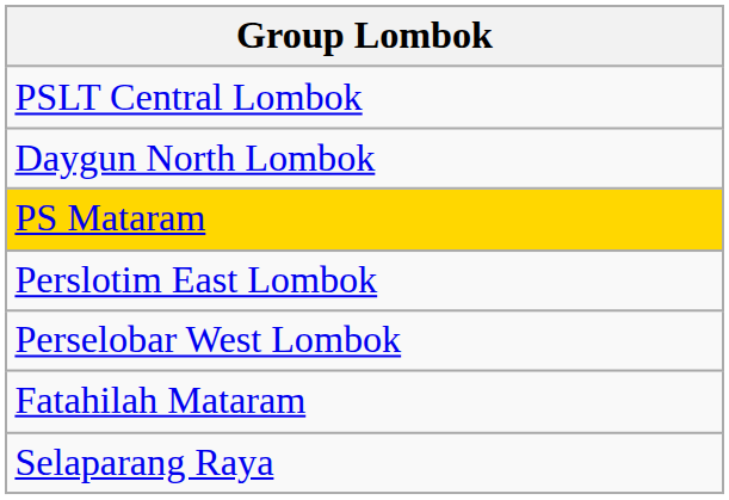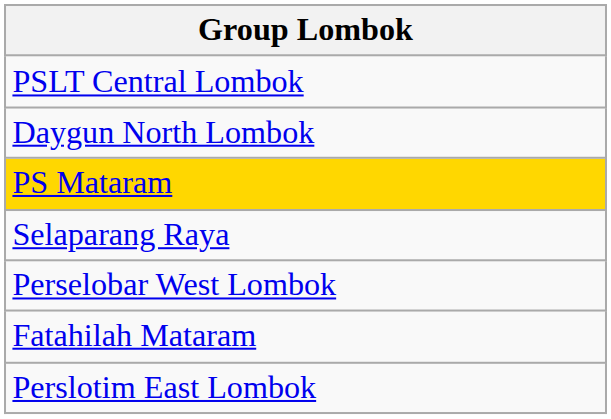 <table class="wikitable" style="width: 300px;">
 <tr>
 <th>Group Lombok</th>
 </tr>
 <tr>
 <td><a href='#'>PSLT Central Lombok</a></td>
 </tr>
 <tr>
 <td><a href='#'>Daygun North Lombok</a></td>
 </tr>
 <tr>
 <td style="background: gold;"><a href='#'>PS Mataram</a></td>
 </tr>
 <tr>
-<td><a href='#'>Perslotim East Lombok</a></td>
+<td><a href='#'>Selaparang Raya</a></td>
 </tr>
 <tr>
 <td><a href='#'>Perselobar West Lombok</a></td>
 </tr>
 <tr>
 <td><a href='#'>Fatahilah Mataram</a></td>
 </tr>
 <tr>
-<td><a href='#'>Selaparang Raya</a></td>
+<td><a href='#'>Perslotim East Lombok</a></td>
 </tr>
 </table>
